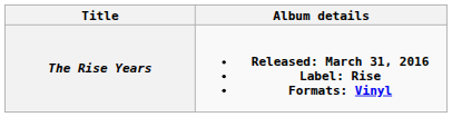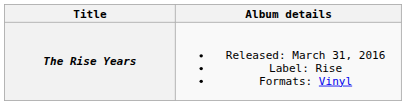 <table class="wikitable plainrowheaders" style="text-align:center;">
 <tr>
 <th scope="col" rowspan="1" style="width:15em;">Title</th>
 <th scope="col" rowspan="1" style="width:20em;">Album details</th>
 </tr>
 <tr>
 <th scope="row"><em>The Rise Years</em></th>
-<td><strong><br><ul><li>Released: March 31, 2016</li><li>Label: Rise</li><li>Formats: <a href='#'>Vinyl</a></li></ul></strong></td>
+<td><br><ul><li>Released: March 31, 2016</li><li>Label: Rise</li><li>Formats: <a href='#'>Vinyl</a></li></ul></td>
 </tr>
 </table>
